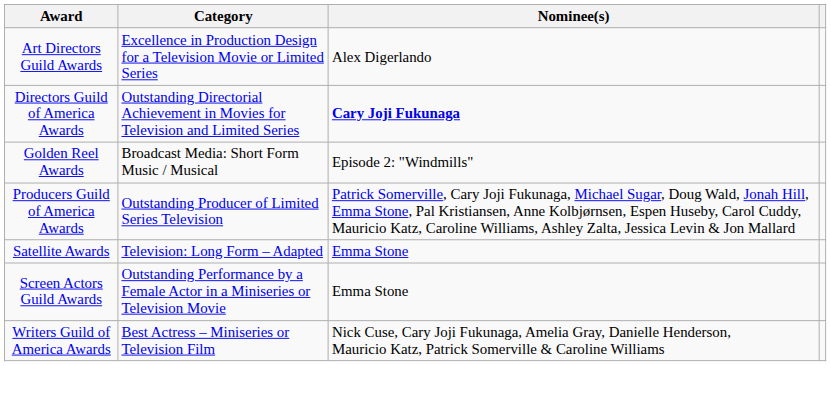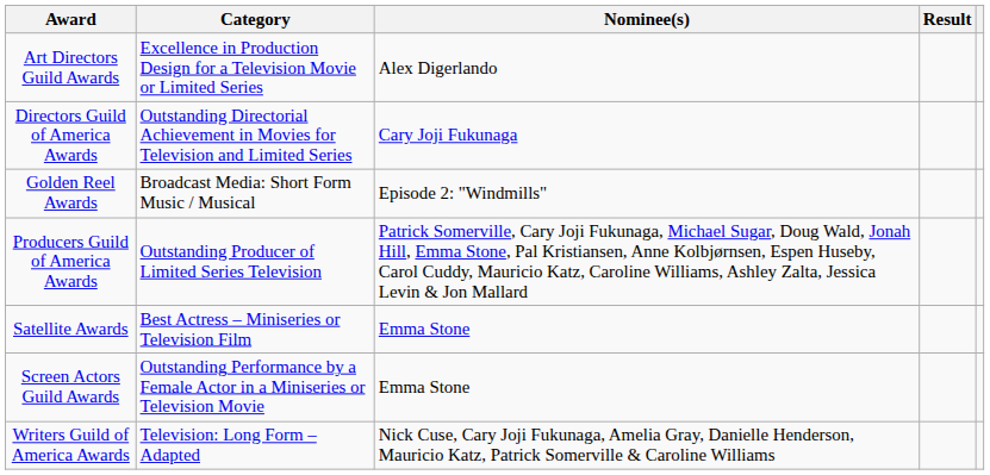 <table class="wikitable sortable" style="width:100%">
 <tr>
 <th scope="col">Award</th>
 <th scope="col">Category</th>
 <th scope="col">Nominee(s)</th>
+<th scope="col">Result</th>
 <th scope="col" class="unsortable"></th>
 </tr>
 <tr>
 <td align="center"><a href='#'>Art Directors Guild Awards</a></td>
 <td><a href='#'>Excellence in Production Design for a Television Movie or Limited Series</a></td>
 <td>Alex Digerlando</td>
+<td></td>
 <td align="center"></td>
 </tr>
 <tr>
 <td align="center"><a href='#'>Directors Guild of America Awards</a></td>
 <td><a href='#'>Outstanding Directorial Achievement in Movies for Television and Limited Series</a></td>
-<td><strong><a href='#'>Cary Joji Fukunaga</a></strong></td>
+<td><a href='#'>Cary Joji Fukunaga</a></td>
+<td></td>
 <td align="center"></td>
 </tr>
 <tr>
 <td align="center"><a href='#'>Golden Reel Awards</a></td>
 <td>Broadcast Media: Short Form Music / Musical</td>
 <td>Episode 2: "Windmills"</td>
+<td></td>
 <td align="center"></td>
 </tr>
 <tr>
 <td align="center"><a href='#'>Producers Guild of America Awards</a></td>
 <td><a href='#'>Outstanding Producer of Limited Series Television</a></td>
 <td><a href='#'>Patrick Somerville</a>, Cary Joji Fukunaga, <a href='#'>Michael Sugar</a>, Doug Wald, <a href='#'>Jonah Hill</a>, <a href='#'>Emma Stone</a>, Pal Kristiansen, Anne Kolbjørnsen, Espen Huseby, Carol Cuddy, Mauricio Katz, Caroline Williams, Ashley Zalta, Jessica Levin & Jon Mallard</td>
+<td></td>
 <td align="center"></td>
 </tr>
 <tr>
 <td align="center"><a href='#'>Satellite Awards</a></td>
-<td><a href='#'>Television: Long Form – Adapted</a></td>
+<td><a href='#'>Best Actress – Miniseries or Television Film</a></td>
 <td><a href='#'>Emma Stone</a></td>
+<td></td>
 <td align="center"></td>
 </tr>
 <tr>
 <td align="center"><a href='#'>Screen Actors Guild Awards</a></td>
 <td><a href='#'>Outstanding Performance by a Female Actor in a Miniseries or Television Movie</a></td>
 <td>Emma Stone</td>
+<td></td>
 <td align="center"></td>
 </tr>
 <tr>
 <td align="center"><a href='#'>Writers Guild of America Awards</a></td>
-<td><a href='#'>Best Actress – Miniseries or Television Film</a></td>
+<td><a href='#'>Television: Long Form – Adapted</a></td>
 <td>Nick Cuse, Cary Joji Fukunaga, Amelia Gray, Danielle Henderson,<br>Mauricio Katz, Patrick Somerville & Caroline Williams</td>
+<td></td>
 <td align="center"></td>
 </tr>
 </table>
